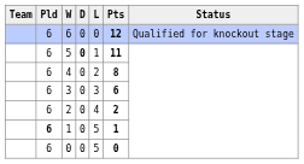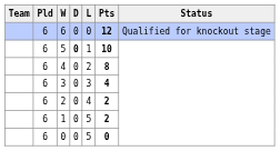 <table style=border-collapse:collapse border=1 cellspacing=0 cellpadding=5>
 <tr align=center bgcolor=#efefef>
 <th>Team</th>
 <th>Pld</th>
 <th>W</th>
 <th>D</th>
 <th>L</th>
 <th>Pts</th>
 <th>Status</th>
 </tr>
 <tr align=center style="background:#bbccff;">
 <td style="text-align:left;"> </td>
 <td>6</td>
 <td>6</td>
 <td>0</td>
 <td>0</td>
 <td><strong>12</strong></td>
 <td rowspan=1>Qualified for knockout stage</td>
 </tr>
 <tr align=center style="background:">
 <td style="text-align:left;"> </td>
 <td>6</td>
 <td>5</td>
 <td><strong>0</strong></td>
 <td>1</td>
-<td><strong>11</strong></td>
+<td><strong>10</strong></td>
 <td rowspan=6></td>
 </tr>
 <tr align=center style="background:">
 <td style="text-align:left;"> </td>
 <td>6</td>
 <td>4</td>
 <td>0</td>
 <td>2</td>
 <td><strong>8</strong></td>
 </tr>
 <tr align=center style="background:#FFFFFF;">
 <td style="text-align:left;"> </td>
 <td>6</td>
 <td>3</td>
 <td>0</td>
 <td>3</td>
-<td><strong>6</strong></td>
+<td><strong>4</strong></td>
 </tr>
 <tr align=center style="background:#FFFFFF;">
 <td style="text-align:left;"> </td>
 <td>6</td>
 <td>2</td>
 <td>0</td>
 <td>4</td>
 <td><strong>2</strong></td>
 </tr>
 <tr align=center style="background:#FFFFFF;">
 <td style="text-align:left;"> </td>
-<td><strong>6</strong></td>
+<td>6</td>
 <td>1</td>
 <td>0</td>
 <td>5</td>
-<td><strong>1</strong></td>
+<td><strong>2</strong></td>
 </tr>
 <tr align=center style="background:#FFFFFF;">
 <td style="text-align:left;"> </td>
 <td>6</td>
 <td>0</td>
 <td>0</td>
 <td>5</td>
 <td><strong>0</strong></td>
 </tr>
 </table>
